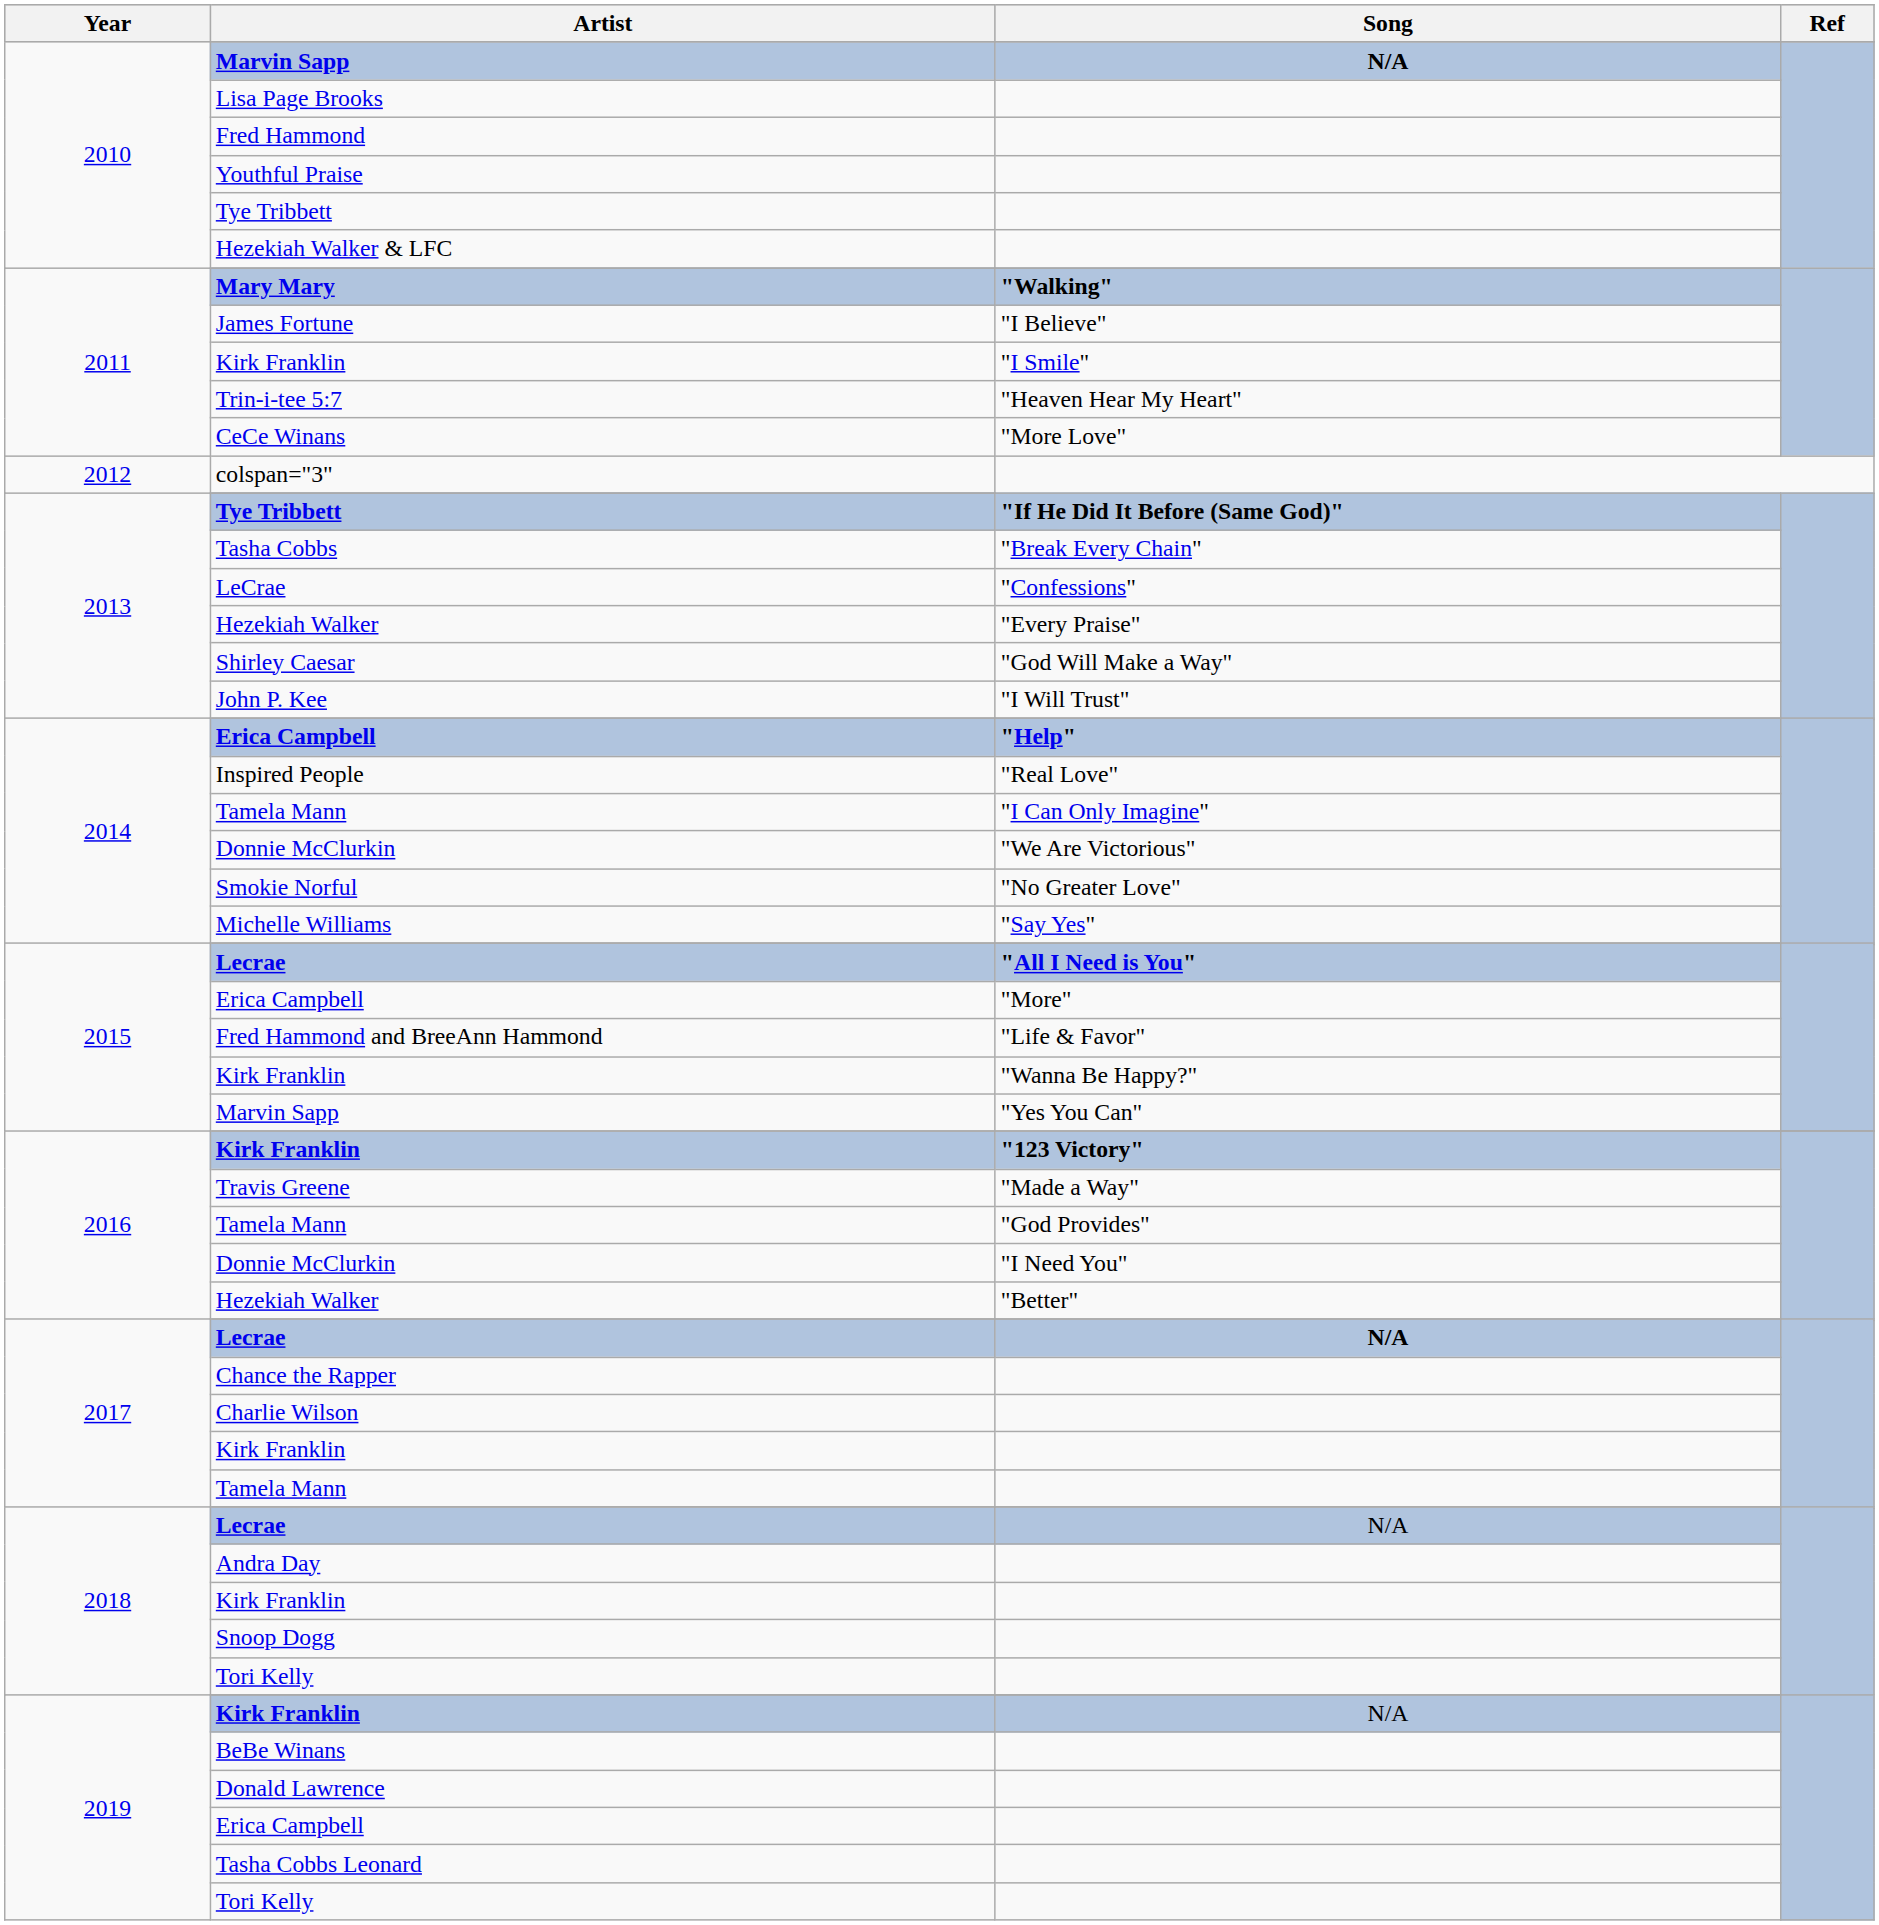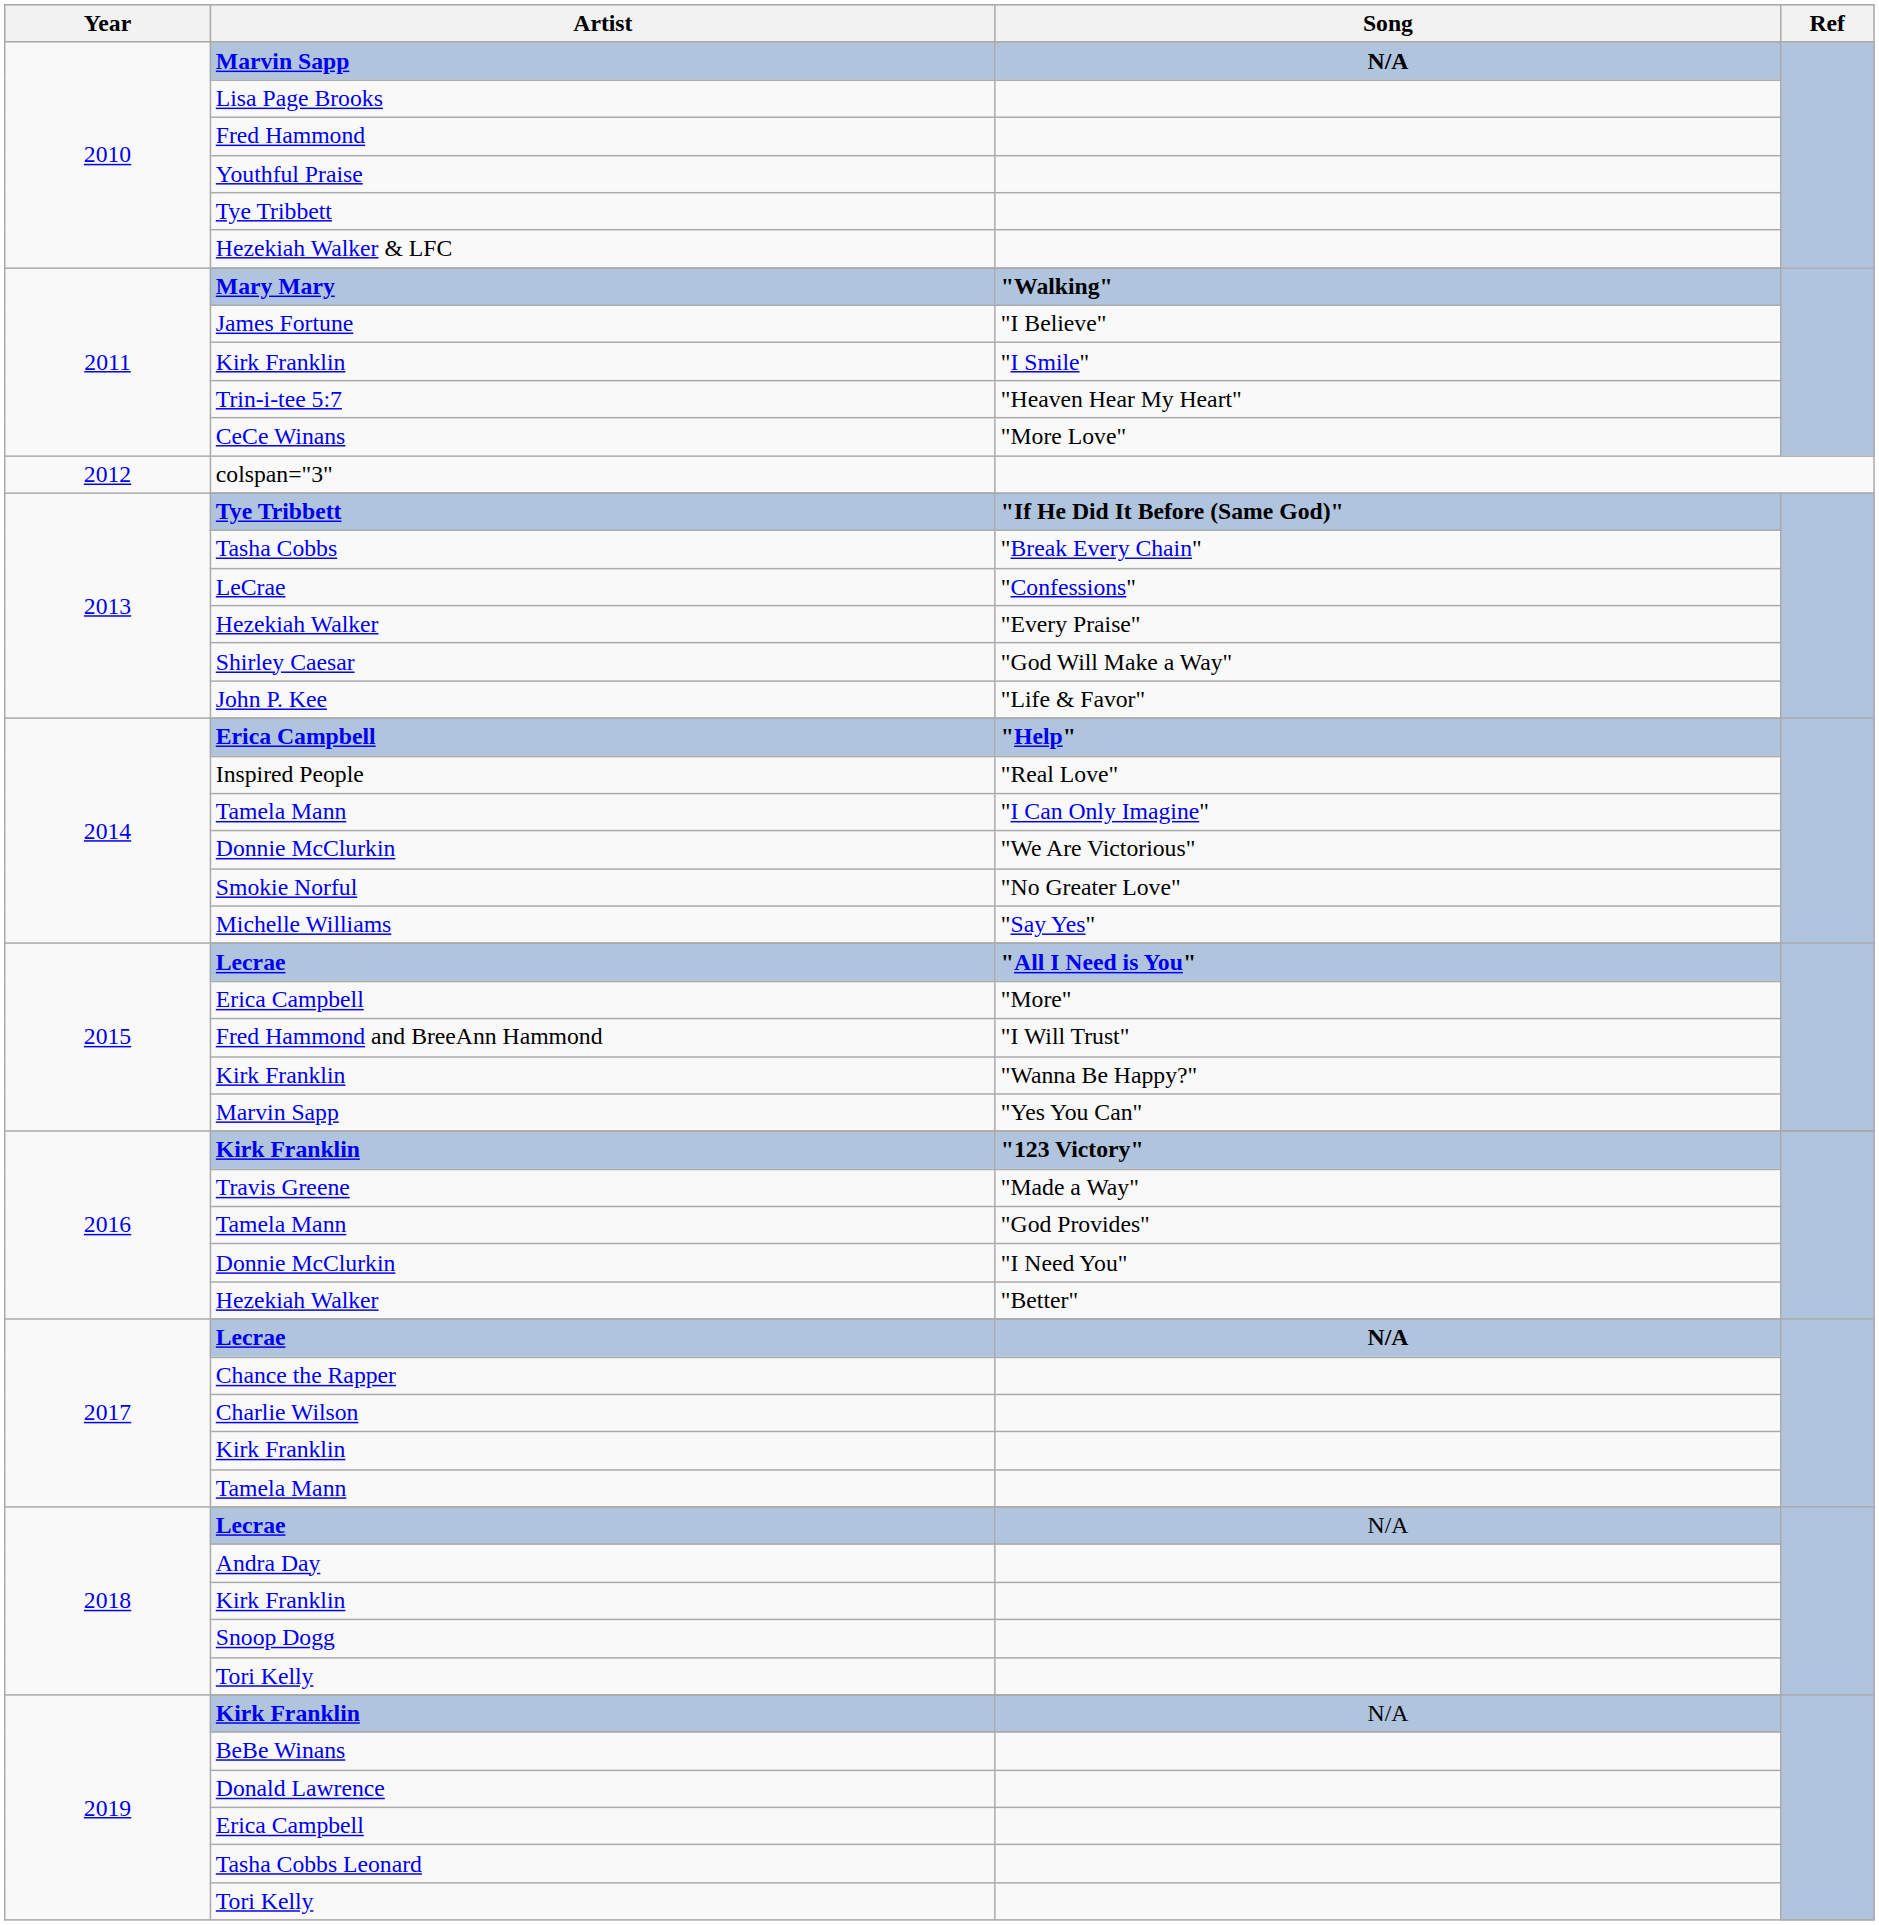 <table class="wikitable" style="width:100%;">
 <tr style="background:#bebebe;">
 <th style="width:11%;">Year</th>
 <th style="width:42%;">Artist</th>
 <th style="width:42%;">Song</th>
 <th style="width:5%;">Ref</th>
 </tr>
 <tr>
 <td rowspan="7" align="center"><a href='#'>2010</a></td>
 </tr>
 <tr style="background:#B0C4DE">
 <td><strong><a href='#'>Marvin Sapp</a></strong></td>
 <td align="center"><strong>N/A</strong></td>
 <td rowspan="7" align="center"></td>
 </tr>
 <tr>
 <td><a href='#'>Lisa Page Brooks</a></td>
 <td></td>
 </tr>
 <tr>
 <td><a href='#'>Fred Hammond</a></td>
 <td></td>
 </tr>
 <tr>
 <td><a href='#'>Youthful Praise</a> </td>
 <td></td>
 </tr>
 <tr>
 <td><a href='#'>Tye Tribbett</a></td>
 <td></td>
 </tr>
 <tr>
 <td><a href='#'>Hezekiah Walker</a> & LFC</td>
 <td></td>
 </tr>
 <tr>
 <td rowspan="6" align="center"><a href='#'>2011</a></td>
 </tr>
 <tr style="background:#B0C4DE">
 <td><strong><a href='#'>Mary Mary</a></strong></td>
 <td><strong>"Walking"</strong></td>
 <td rowspan="5" align="center"></td>
 </tr>
 <tr>
 <td><a href='#'>James Fortune</a> </td>
 <td>"I Believe"</td>
 </tr>
 <tr>
 <td><a href='#'>Kirk Franklin</a></td>
 <td>"<a href='#'>I Smile</a>"</td>
 </tr>
 <tr>
 <td><a href='#'>Trin-i-tee 5:7</a></td>
 <td>"Heaven Hear My Heart"</td>
 </tr>
 <tr>
 <td><a href='#'>CeCe Winans</a></td>
 <td>"More Love"</td>
 </tr>
 <tr>
 <td align="center"><a href='#'>2012</a></td>
 <td>colspan="3" </td>
 </tr>
 <tr>
 <td rowspan="7" align="center"><a href='#'>2013</a></td>
 </tr>
 <tr style="background:#B0C4DE">
 <td><strong><a href='#'>Tye Tribbett</a></strong></td>
 <td><strong>"If He Did It Before (Same God)"</strong></td>
 <td rowspan="7" align="center"></td>
 </tr>
 <tr>
 <td><a href='#'>Tasha Cobbs</a></td>
 <td>"<a href='#'>Break Every Chain</a>"</td>
 </tr>
 <tr>
 <td><a href='#'>LeCrae</a></td>
 <td>"<a href='#'>Confessions</a>"</td>
 </tr>
 <tr>
 <td><a href='#'>Hezekiah Walker</a></td>
 <td>"Every Praise"</td>
 </tr>
 <tr>
 <td><a href='#'>Shirley Caesar</a></td>
 <td>"God Will Make a Way"</td>
 </tr>
 <tr>
 <td><a href='#'>John P. Kee</a></td>
-<td>"I Will Trust"</td>
+<td>"Life & Favor"</td>
 </tr>
 <tr>
 <td rowspan="7" align="center"><a href='#'>2014</a></td>
 </tr>
 <tr style="background:#B0C4DE">
 <td><strong><a href='#'>Erica Campbell</a> </strong></td>
 <td><strong>"<a href='#'>Help</a>"</strong></td>
 <td rowspan="7" align="center"></td>
 </tr>
 <tr>
 <td>Inspired People </td>
 <td>"Real Love"</td>
 </tr>
 <tr>
 <td><a href='#'>Tamela Mann</a></td>
 <td>"<a href='#'>I Can Only Imagine</a>"</td>
 </tr>
 <tr>
 <td><a href='#'>Donnie McClurkin</a> </td>
 <td>"We Are Victorious"</td>
 </tr>
 <tr>
 <td><a href='#'>Smokie Norful</a></td>
 <td>"No Greater Love"</td>
 </tr>
 <tr>
 <td><a href='#'>Michelle Williams</a> </td>
 <td>"<a href='#'>Say Yes</a>"</td>
 </tr>
 <tr>
 <td rowspan="6" align="center"><a href='#'>2015</a></td>
 </tr>
 <tr style="background:#B0C4DE">
 <td><strong><a href='#'>Lecrae</a></strong></td>
 <td><strong>"<a href='#'>All I Need is You</a>"</strong></td>
 <td rowspan="5" align="center"></td>
 </tr>
 <tr>
 <td><a href='#'>Erica Campbell</a></td>
 <td>"More"</td>
 </tr>
 <tr>
 <td><a href='#'>Fred Hammond</a> and BreeAnn Hammond</td>
-<td>"Life & Favor"</td>
+<td>"I Will Trust"</td>
 </tr>
 <tr>
 <td><a href='#'>Kirk Franklin</a></td>
 <td>"Wanna Be Happy?"</td>
 </tr>
 <tr>
 <td><a href='#'>Marvin Sapp</a></td>
 <td>"Yes You Can"</td>
 </tr>
 <tr>
 <td rowspan="6" align="center"><a href='#'>2016</a></td>
 </tr>
 <tr style="background:#B0C4DE">
 <td><strong><a href='#'>Kirk Franklin</a></strong></td>
 <td><strong>"123 Victory"</strong></td>
 <td rowspan="6" align="center"></td>
 </tr>
 <tr>
 <td><a href='#'>Travis Greene</a></td>
 <td>"Made a Way"</td>
 </tr>
 <tr>
 <td><a href='#'>Tamela Mann</a></td>
 <td>"God Provides"</td>
 </tr>
 <tr>
 <td><a href='#'>Donnie McClurkin</a></td>
 <td>"I Need You"</td>
 </tr>
 <tr>
 <td><a href='#'>Hezekiah Walker</a></td>
 <td>"Better"</td>
 </tr>
 <tr>
 <td rowspan="6" align="center"><a href='#'>2017</a></td>
 </tr>
 <tr style="background:#B0C4DE">
 <td><strong><a href='#'>Lecrae</a></strong></td>
 <td align="center"><strong>N/A</strong></td>
 <td rowspan="6" align="center"></td>
 </tr>
 <tr>
 <td><a href='#'>Chance the Rapper</a></td>
 <td></td>
 </tr>
 <tr>
 <td><a href='#'>Charlie Wilson</a></td>
 <td></td>
 </tr>
 <tr>
 <td><a href='#'>Kirk Franklin</a></td>
 <td></td>
 </tr>
 <tr>
 <td><a href='#'>Tamela Mann</a></td>
 <td></td>
 </tr>
 <tr>
 <td rowspan="6" align="center"><a href='#'>2018</a></td>
 </tr>
 <tr style="background:#B0C4DE">
 <td><strong><a href='#'>Lecrae</a></strong></td>
 <td align="center">N/A</td>
 <td rowspan="6" align="center"></td>
 </tr>
 <tr>
 <td><a href='#'>Andra Day</a></td>
 <td></td>
 </tr>
 <tr>
 <td><a href='#'>Kirk Franklin</a></td>
 <td></td>
 </tr>
 <tr>
 <td><a href='#'>Snoop Dogg</a></td>
 <td></td>
 </tr>
 <tr>
 <td><a href='#'>Tori Kelly</a></td>
 <td></td>
 </tr>
 <tr>
 <td rowspan="7" align="center"><a href='#'>2019</a></td>
 </tr>
 <tr style="background:#B0C4DE">
 <td><strong><a href='#'>Kirk Franklin</a></strong></td>
 <td align="center">N/A</td>
 <td rowspan="7" align="center"></td>
 </tr>
 <tr>
 <td><a href='#'>BeBe Winans</a></td>
 <td></td>
 </tr>
 <tr>
 <td><a href='#'>Donald Lawrence</a></td>
 <td></td>
 </tr>
 <tr>
 <td><a href='#'>Erica Campbell</a></td>
 <td></td>
 </tr>
 <tr>
 <td><a href='#'>Tasha Cobbs Leonard</a></td>
 <td></td>
 </tr>
 <tr>
 <td><a href='#'>Tori Kelly</a></td>
 <td></td>
 </tr>
 </table>
